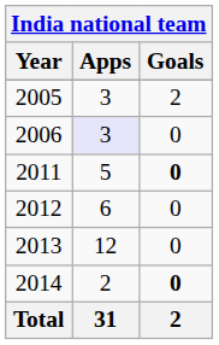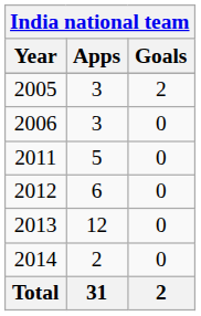 <table class="wikitable" style="text-align:center">
 <tr>
 <th colspan="3"><a href='#'>India national team</a></th>
 </tr>
 <tr>
 <th>Year</th>
 <th>Apps</th>
 <th>Goals</th>
 </tr>
 <tr>
 </tr>
 <tr>
 <td>2005</td>
 <td>3</td>
 <td>2</td>
 </tr>
 <tr>
 <td>2006</td>
-<td style="background: lavender;">3</td>
+<td>3</td>
 <td>0</td>
 </tr>
 <tr>
 <td>2011</td>
 <td>5</td>
-<td><strong>0</strong></td>
+<td>0</td>
 </tr>
 <tr>
 <td>2012</td>
 <td>6</td>
 <td>0</td>
 </tr>
 <tr>
 <td>2013</td>
 <td>12</td>
 <td>0</td>
 </tr>
 <tr>
 <td>2014</td>
 <td>2</td>
-<td><strong>0</strong></td>
+<td>0</td>
 </tr>
 <tr>
 <th>Total</th>
 <th>31</th>
 <th>2</th>
 </tr>
 </table>
